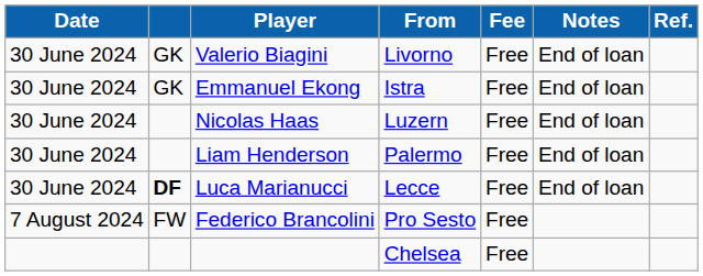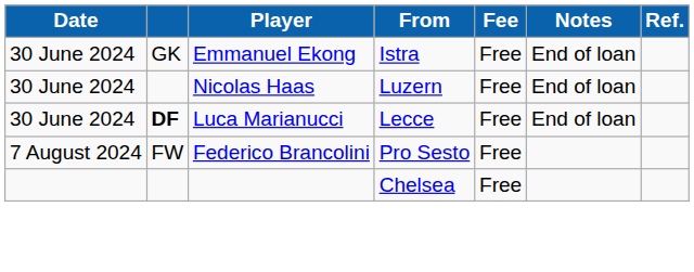 <table class="wikitable plainrowheaders">
 <tr>
 <th style="background:#0962AB;color:white">Date</th>
 <th style="background:#0962AB;color:white"></th>
 <th style="background:#0962AB;color:white">Player</th>
 <th style="background:#0962AB;color:white">From</th>
 <th style="background:#0962AB;color:white">Fee</th>
 <th style="background:#0962AB;color:white">Notes</th>
 <th style="background:#0962AB;color:white">Ref.</th>
-</tr>
-<tr>
-<td>30 June 2024</td>
-<td>GK</td>
-<td> <a href='#'>Valerio Biagini</a></td>
-<td> <a href='#'>Livorno</a></td>
-<td>Free</td>
-<td>End of loan</td>
-<td></td>
 </tr>
 <tr>
 <td>30 June 2024</td>
 <td>GK</td>
 <td> <a href='#'>Emmanuel Ekong</a></td>
 <td> <a href='#'>Istra</a></td>
 <td>Free</td>
 <td>End of loan</td>
 <td></td>
 </tr>
 <tr>
 <td>30 June 2024</td>
 <td></td>
 <td> <a href='#'>Nicolas Haas</a></td>
 <td> <a href='#'>Luzern</a></td>
-<td>Free</td>
-<td>End of loan</td>
-<td></td>
-</tr>
-<tr>
-<td>30 June 2024</td>
-<td></td>
-<td> <a href='#'>Liam Henderson</a></td>
-<td> <a href='#'>Palermo</a></td>
 <td>Free</td>
 <td>End of loan</td>
 <td></td>
 </tr>
 <tr>
 <td>30 June 2024</td>
 <td><strong>DF</strong></td>
 <td> <a href='#'>Luca Marianucci</a></td>
 <td> <a href='#'>Lecce</a></td>
 <td>Free</td>
 <td>End of loan</td>
 <td></td>
 </tr>
 <tr>
 <td>7 August 2024</td>
 <td>FW</td>
 <td> <a href='#'>Federico Brancolini</a></td>
 <td> <a href='#'>Pro Sesto</a></td>
 <td>Free</td>
 <td></td>
 <td></td>
 </tr>
 <tr>
 <td></td>
 <td align="center"></td>
 <td> </td>
 <td> <a href='#'>Chelsea</a></td>
 <td>Free</td>
 <td></td>
 <td></td>
 </tr>
 </table>
